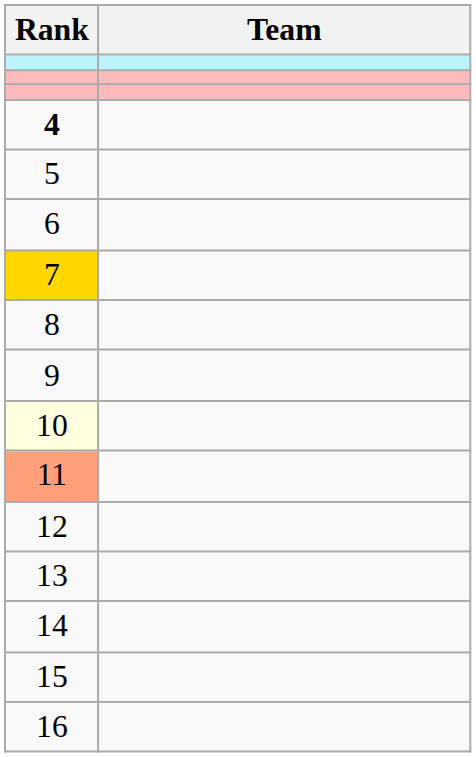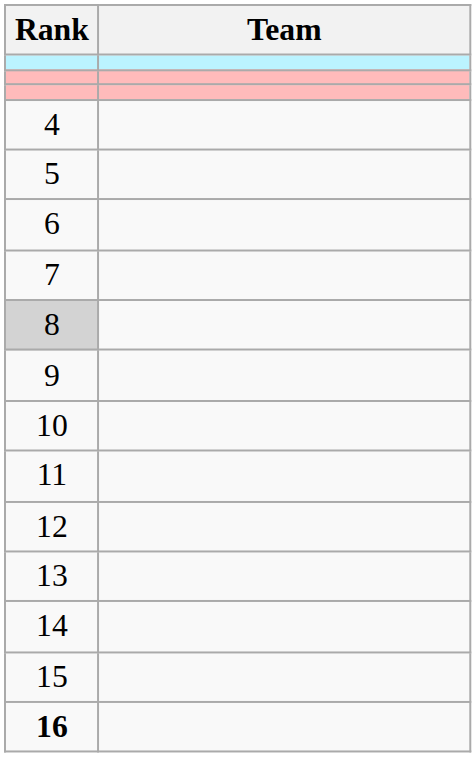 <table class="wikitable">
 <tr>
 <th width=40>Rank</th>
 <th width=180>Team</th>
 </tr>
 <tr bgcolor=#BBF3FF>
 <td align=center></td>
 <td></td>
 </tr>
 <tr bgcolor=#FFBBBB>
 <td align=center></td>
 <td></td>
 </tr>
 <tr bgcolor=#FFBBBB>
 <td align=center></td>
 <td></td>
 </tr>
 <tr>
-<td align=center><strong>4</strong></td>
+<td align=center>4</td>
 <td></td>
 </tr>
 <tr>
 <td align=center>5</td>
 <td></td>
 </tr>
 <tr>
 <td align=center>6</td>
 <td></td>
 </tr>
 <tr>
-<td align=center style="background: gold;">7</td>
+<td align=center>7</td>
 <td></td>
 </tr>
 <tr>
-<td align=center>8</td>
+<td align=center style="background: lightgrey;">8</td>
 <td></td>
 </tr>
 <tr>
 <td align=center>9</td>
 <td></td>
 </tr>
 <tr>
-<td align=center style="background: lightyellow;">10</td>
+<td align=center>10</td>
 <td></td>
 </tr>
 <tr>
-<td align=center style="background: lightsalmon;">11</td>
+<td align=center>11</td>
 <td></td>
 </tr>
 <tr>
 <td align=center>12</td>
 <td></td>
 </tr>
 <tr>
 <td align=center>13</td>
 <td></td>
 </tr>
 <tr>
 <td align=center>14</td>
 <td></td>
 </tr>
 <tr>
 <td align=center>15</td>
 <td></td>
 </tr>
 <tr>
-<td align=center>16</td>
+<td align=center><strong>16</strong></td>
 <td></td>
 </tr>
 </table>
